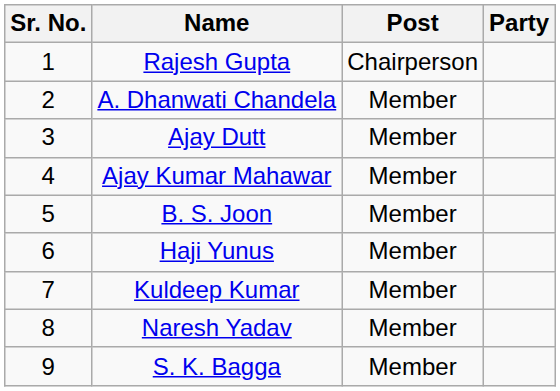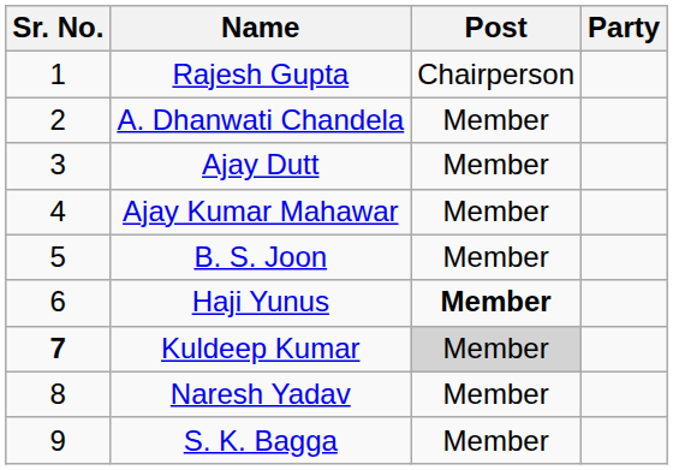 <table class="wikitable sortable">
 <tr>
 <th>Sr. No.</th>
 <th>Name</th>
 <th>Post</th>
 <th colspan="2">Party</th>
 </tr>
 <tr align="center">
 <td>1</td>
 <td><a href='#'>Rajesh Gupta</a></td>
 <td>Chairperson</td>
 <td></td>
 </tr>
 <tr align="center">
 <td>2</td>
 <td><a href='#'>A. Dhanwati Chandela</a></td>
 <td>Member</td>
 <td></td>
 </tr>
 <tr align="center">
 <td>3</td>
 <td><a href='#'>Ajay Dutt</a></td>
 <td>Member</td>
 <td></td>
 </tr>
 <tr align="center">
 <td>4</td>
 <td><a href='#'>Ajay Kumar Mahawar</a></td>
 <td>Member</td>
 <td></td>
 </tr>
 <tr align="center">
 <td>5</td>
 <td><a href='#'>B. S. Joon</a></td>
 <td>Member</td>
 <td></td>
 </tr>
 <tr align="center">
 <td>6</td>
 <td><a href='#'>Haji Yunus</a></td>
-<td>Member</td>
+<td><strong>Member</strong></td>
 <td></td>
 </tr>
 <tr align="center">
-<td>7</td>
+<td><strong>7</strong></td>
 <td><a href='#'>Kuldeep Kumar</a></td>
-<td>Member</td>
+<td style="background: lightgrey;">Member</td>
 <td></td>
 </tr>
 <tr align="center">
 <td>8</td>
 <td><a href='#'>Naresh Yadav</a></td>
 <td>Member</td>
 <td></td>
 </tr>
 <tr align="center">
 <td>9</td>
 <td><a href='#'>S. K. Bagga</a></td>
 <td>Member</td>
 <td></td>
 </tr>
 </table>
